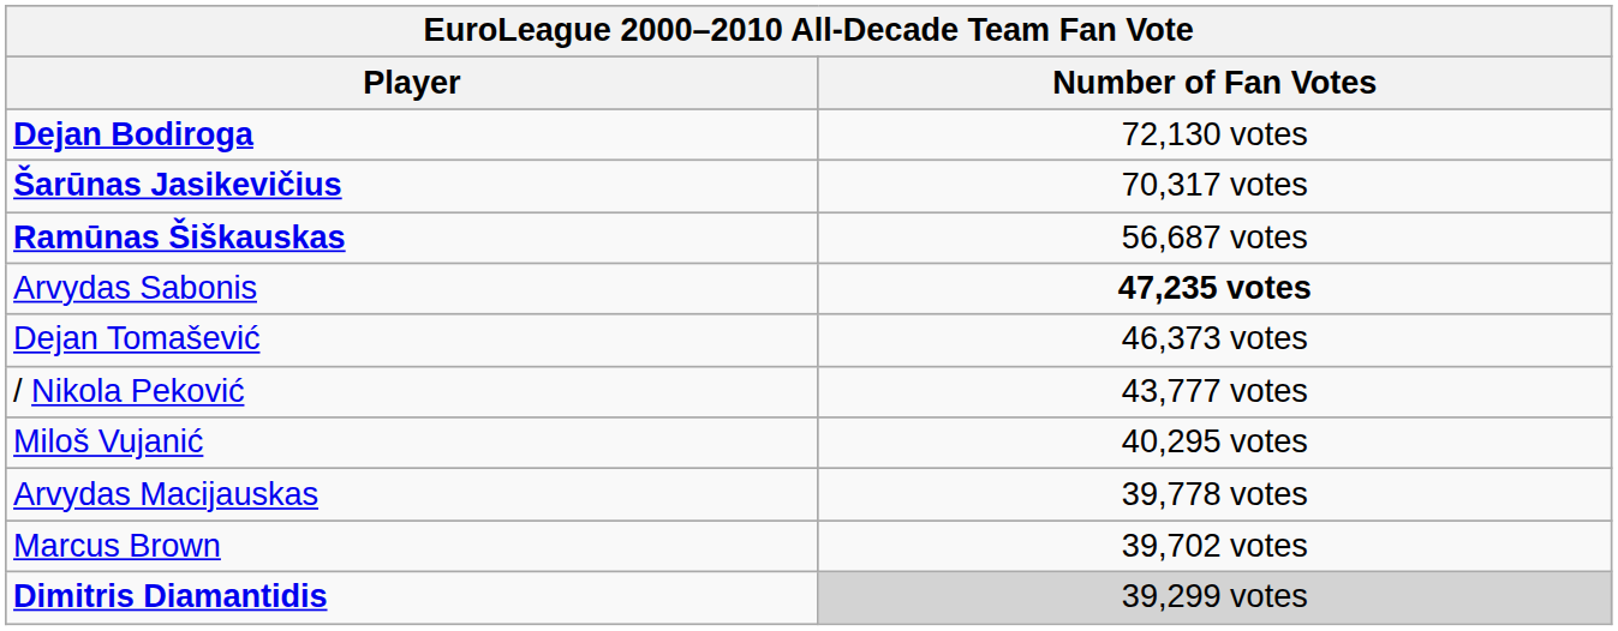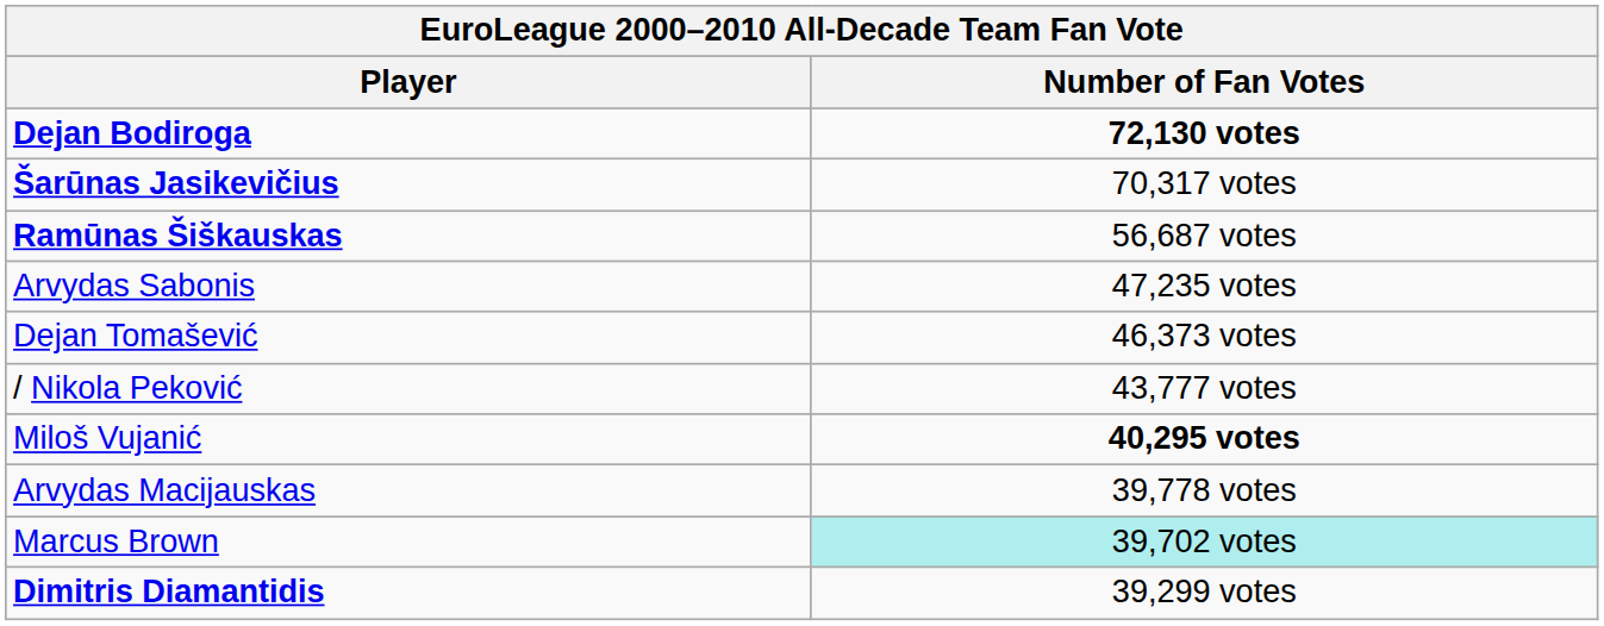 <table class="wikitable sortable" style="text-align:left; width: 50%;">
 <tr>
 <th colspan="3">EuroLeague 2000–2010 All-Decade Team Fan Vote</th>
 </tr>
 <tr>
 <th>Player</th>
 <th>Number of Fan Votes</th>
 </tr>
 <tr>
 <td> <strong><a href='#'>Dejan Bodiroga</a></strong></td>
-<td style="text-align:center;">72,130 votes</td>
+<td style="text-align:center;"><strong>72,130 votes</strong></td>
 </tr>
 <tr>
 <td> <strong><a href='#'>Šarūnas Jasikevičius</a></strong></td>
 <td style="text-align:center;">70,317 votes</td>
 </tr>
 <tr>
 <td> <strong><a href='#'>Ramūnas Šiškauskas</a></strong></td>
 <td style="text-align:center;">56,687 votes</td>
 </tr>
 <tr>
 <td> <a href='#'>Arvydas Sabonis</a></td>
-<td style="text-align:center;"><strong>47,235 votes</strong></td>
+<td style="text-align:center;">47,235 votes</td>
 </tr>
 <tr>
 <td> <a href='#'>Dejan Tomašević</a></td>
 <td style="text-align:center;">46,373 votes</td>
 </tr>
 <tr>
 <td>/ <a href='#'>Nikola Peković</a></td>
 <td style="text-align:center;">43,777 votes</td>
 </tr>
 <tr>
 <td> <a href='#'>Miloš Vujanić</a></td>
-<td style="text-align:center;">40,295 votes</td>
+<td style="text-align:center;"><strong>40,295 votes</strong></td>
 </tr>
 <tr>
 <td> <a href='#'>Arvydas Macijauskas</a></td>
 <td style="text-align:center;">39,778 votes</td>
 </tr>
 <tr>
 <td> <a href='#'>Marcus Brown</a></td>
-<td style="text-align:center;">39,702 votes</td>
+<td style="background: paleturquoise; text-align:center;">39,702 votes</td>
 </tr>
 <tr>
 <td> <strong><a href='#'>Dimitris Diamantidis</a></strong></td>
-<td style="background: lightgrey; text-align:center;">39,299 votes</td>
+<td style="text-align:center;">39,299 votes</td>
 </tr>
 </table>
